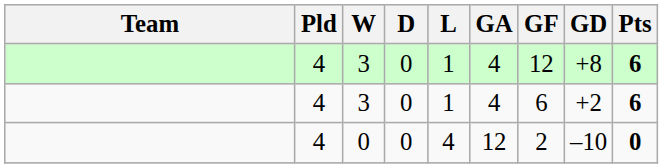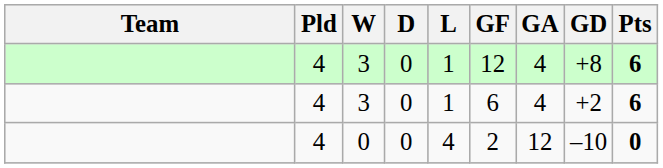 <table class="wikitable" style="text-align:center;">
 <tr>
 <th width=180>Team</th>
 <th width=20>Pld</th>
 <th width=20>W</th>
 <th width=20>D</th>
 <th width=20>L</th>
+<th width=20>GF</th>
 <th width=20>GA</th>
-<th width=20>GF</th>
 <th width=20>GD</th>
 <th width=20>Pts</th>
 </tr>
 <tr bgcolor="ccffcc">
 <td align="left"></td>
 <td>4</td>
 <td>3</td>
 <td>0</td>
 <td>1</td>
+<td>12</td>
 <td>4</td>
-<td>12</td>
 <td>+8</td>
 <td><strong>6</strong></td>
 </tr>
 <tr>
 <td align="left"></td>
 <td>4</td>
 <td>3</td>
 <td>0</td>
 <td>1</td>
+<td>6</td>
 <td>4</td>
-<td>6</td>
 <td>+2</td>
 <td><strong>6</strong></td>
 </tr>
 <tr>
 <td align="left"></td>
 <td>4</td>
 <td>0</td>
 <td>0</td>
 <td>4</td>
+<td>2</td>
 <td>12</td>
-<td>2</td>
 <td>–10</td>
 <td><strong>0</strong></td>
 </tr>
 </table>
